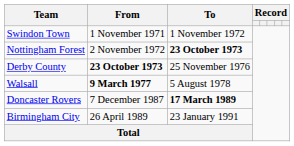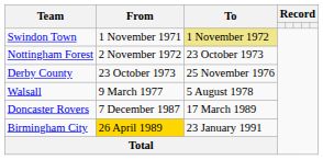 <table class=wikitable style="text-align: left">
 <tr>
 <th rowspan=2>Team</th>
 <th rowspan=2>From</th>
 <th rowspan=2>To</th>
 <th colspan=5>Record</th>
 </tr>
 <tr>
 <th></th>
 <th></th>
 <th></th>
 <th></th>
 <th></th>
 </tr>
 <tr>
 <td><a href='#'>Swindon Town</a></td>
 <td>1 November 1971</td>
-<td>1 November 1972<br></td>
+<td style="background: khaki;">1 November 1972<br></td>
 </tr>
 <tr>
 <td><a href='#'>Nottingham Forest</a></td>
 <td>2 November 1972</td>
-<td><strong>23 October 1973<br></strong></td>
+<td>23 October 1973<br></td>
 </tr>
 <tr>
 <td><a href='#'>Derby County</a></td>
-<td><strong>23 October 1973</strong></td>
+<td>23 October 1973</td>
 <td>25 November 1976<br></td>
 </tr>
 <tr>
 <td><a href='#'>Walsall</a></td>
-<td><strong>9 March 1977</strong></td>
+<td>9 March 1977</td>
 <td>5 August 1978<br></td>
 </tr>
 <tr>
 <td><a href='#'>Doncaster Rovers</a></td>
 <td>7 December 1987</td>
-<td><strong>17 March 1989<br></strong></td>
+<td>17 March 1989<br></td>
 </tr>
 <tr>
 <td><a href='#'>Birmingham City</a></td>
-<td>26 April 1989</td>
+<td style="background: gold;">26 April 1989</td>
 <td>23 January 1991<br></td>
 </tr>
 <tr>
 <th colspan=3>Total<br></th>
 </tr>
 </table>
